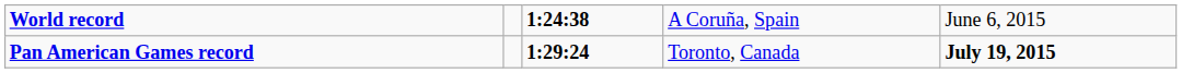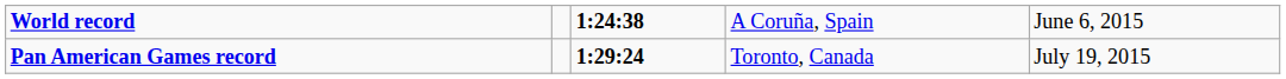 <table class="wikitable" width=75%>
 <tr>
 <td><strong><a href='#'>World record</a></strong></td>
 <td></td>
 <td><strong>1:24:38 </strong></td>
 <td><a href='#'>A Coruña</a>, <a href='#'>Spain</a></td>
 <td>June 6, 2015</td>
 </tr>
 <tr>
 <td><strong><a href='#'>Pan American Games record</a></strong></td>
 <td></td>
 <td><strong>1:29:24</strong></td>
 <td><a href='#'>Toronto</a>, <a href='#'>Canada</a></td>
-<td><strong>July 19, 2015</strong></td>
+<td>July 19, 2015</td>
 </tr>
 </table>
